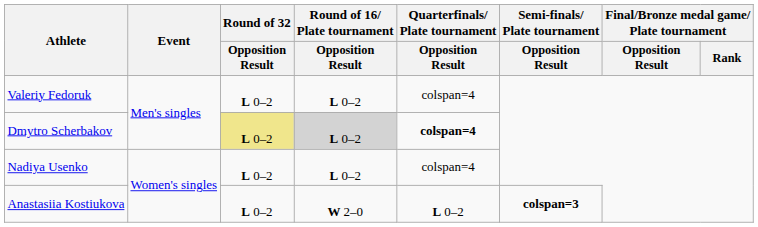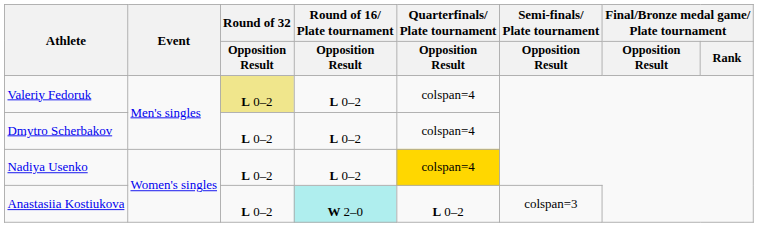 <table class="wikitable" style="text-align:center; font-size:90%">
 <tr>
 <th rowspan=2>Athlete</th>
 <th rowspan=2>Event</th>
 <th>Round of 32</th>
 <th>Round of 16/<br>Plate tournament</th>
 <th>Quarterfinals/<br>Plate tournament</th>
 <th>Semi-finals/<br>Plate tournament</th>
 <th colspan=2>Final/Bronze medal game/<br>Plate tournament</th>
 </tr>
 <tr style="font-size:95%">
 <th>Opposition<br>Result</th>
 <th>Opposition<br>Result</th>
 <th>Opposition<br>Result</th>
 <th>Opposition<br>Result</th>
 <th>Opposition<br>Result</th>
 <th>Rank</th>
 </tr>
 <tr>
 <td align=left><a href='#'>Valeriy Fedoruk</a></td>
 <td align=left rowspan=2><a href='#'>Men's singles</a></td>
-<td><br> <strong>L</strong> 0–2</td>
+<td style="background: khaki;"><br> <strong>L</strong> 0–2</td>
 <td><br> <strong>L</strong> 0–2</td>
 <td>colspan=4 </td>
 </tr>
 <tr>
 <td align=left><a href='#'>Dmytro Scherbakov</a></td>
-<td style="background: khaki;"><br> <strong>L</strong> 0–2</td>
-<td style="background: lightgrey;"><br> <strong>L</strong> 0–2</td>
-<td><strong>colspan=4 </strong></td>
+<td><br> <strong>L</strong> 0–2</td>
+<td><br> <strong>L</strong> 0–2</td>
+<td>colspan=4 </td>
 </tr>
 <tr>
 <td align=left><a href='#'>Nadiya Usenko</a></td>
 <td align=left rowspan=2><a href='#'>Women's singles</a></td>
 <td><br> <strong>L</strong> 0–2</td>
 <td><br> <strong>L</strong> 0–2</td>
-<td>colspan=4 </td>
+<td style="background: gold;">colspan=4 </td>
 </tr>
 <tr>
 <td align=left><a href='#'>Anastasiia Kostiukova</a></td>
 <td><br> <strong>L</strong> 0–2</td>
-<td><br> <strong>W</strong> 2–0</td>
+<td style="background: paleturquoise;"><br> <strong>W</strong> 2–0</td>
 <td><br> <strong>L</strong> 0–2</td>
-<td><strong>colspan=3 </strong></td>
+<td>colspan=3 </td>
 </tr>
 </table>
